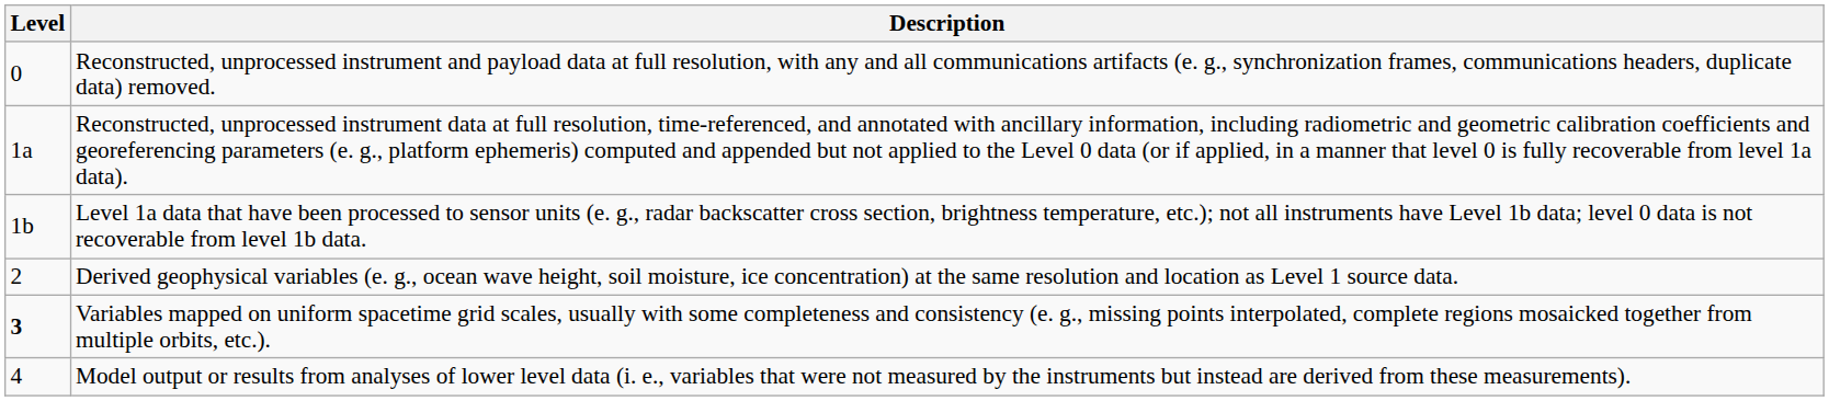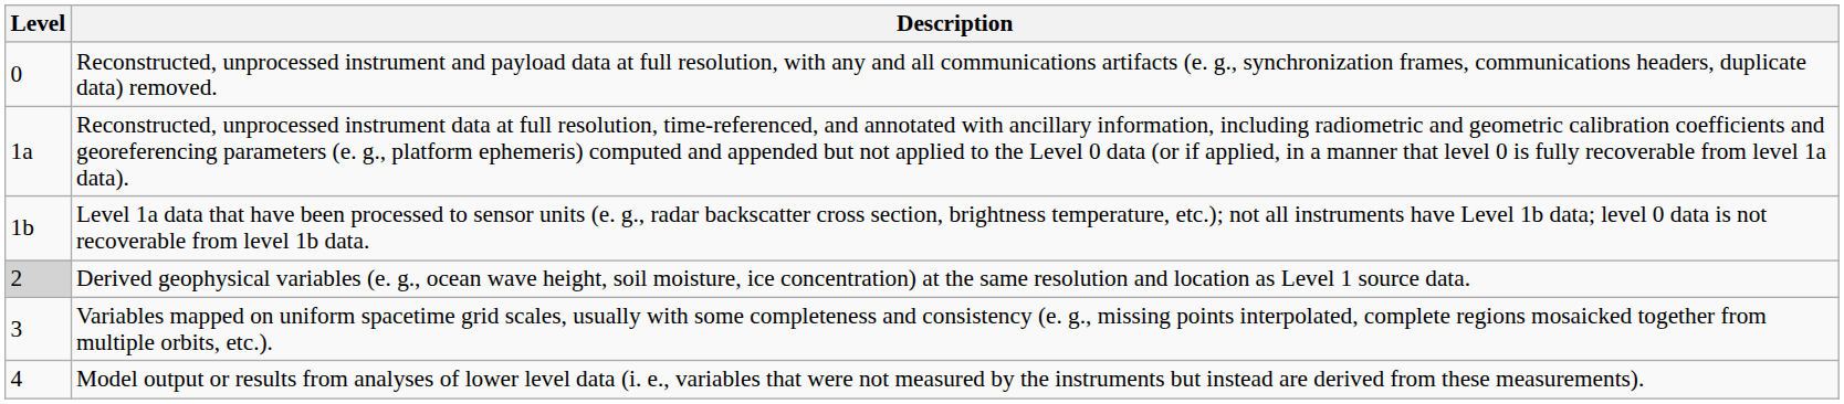 <table class="wikitable">
 <tr>
 <th>Level</th>
 <th>Description</th>
 </tr>
 <tr>
 <td>0</td>
 <td>Reconstructed, unprocessed instrument and payload data at full resolution, with any and all communications artifacts (e. g., synchronization frames, communications headers, duplicate data) removed.</td>
 </tr>
 <tr>
 <td>1a</td>
 <td>Reconstructed, unprocessed instrument data at full resolution, time-referenced, and annotated with ancillary information, including radiometric and geometric calibration coefficients and georeferencing parameters (e. g., platform ephemeris) computed and appended but not applied to the Level 0 data (or if applied, in a manner that level 0 is fully recoverable from level 1a data).</td>
 </tr>
 <tr>
 <td>1b</td>
 <td>Level 1a data that have been processed to sensor units (e. g., radar backscatter cross section, brightness temperature, etc.); not all instruments have Level 1b data; level 0 data is not recoverable from level 1b data.</td>
 </tr>
 <tr>
-<td>2</td>
+<td style="background: lightgrey;">2</td>
 <td>Derived geophysical variables (e. g., ocean wave height, soil moisture, ice concentration) at the same resolution and location as Level 1 source data.</td>
 </tr>
 <tr>
-<td><strong>3</strong></td>
+<td>3</td>
 <td>Variables mapped on uniform spacetime grid scales, usually with some completeness and consistency (e. g., missing points interpolated, complete regions mosaicked together from multiple orbits, etc.).</td>
 </tr>
 <tr>
 <td>4</td>
 <td>Model output or results from analyses of lower level data (i. e., variables that were not measured by the instruments but instead are derived from these measurements).</td>
 </tr>
 </table>
